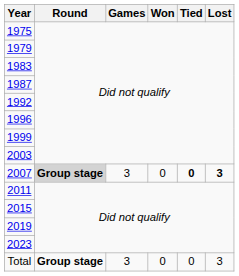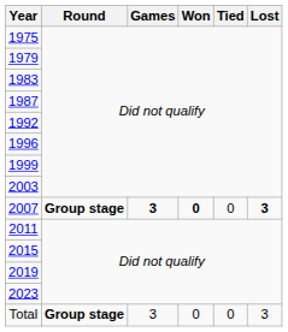 <table class="wikitable" style="text-align: center;">
 <tr>
 <th>Year</th>
 <th>Round</th>
 <th>Games</th>
 <th>Won</th>
 <th>Tied</th>
 <th>Lost</th>
 </tr>
 <tr>
 <td> <a href='#'>1975</a></td>
 <td colspan="5" rowspan="8"><em>Did not qualify</em></td>
 </tr>
 <tr>
 <td> <a href='#'>1979</a></td>
 </tr>
 <tr>
 <td> <a href='#'>1983</a></td>
 </tr>
 <tr>
 <td> <a href='#'>1987</a></td>
 </tr>
 <tr>
 <td> <a href='#'>1992</a></td>
 </tr>
 <tr>
 <td> <a href='#'>1996</a></td>
 </tr>
 <tr>
 <td> <a href='#'>1999</a></td>
 </tr>
 <tr>
 <td> <a href='#'>2003</a></td>
 </tr>
 <tr>
 <td> <a href='#'>2007</a></td>
-<td style="background: lightgrey;"><strong>Group stage</strong></td>
-<td>3</td>
+<td><strong>Group stage</strong></td>
+<td><strong>3</strong></td>
+<td><strong>0</strong></td>
 <td>0</td>
-<td><strong>0</strong></td>
 <td><strong>3</strong></td>
 </tr>
 <tr>
 <td> <a href='#'>2011</a></td>
 <td colspan="5" rowspan="4"><em>Did not qualify</em></td>
 </tr>
 <tr>
 <td> <a href='#'>2015</a></td>
 </tr>
 <tr>
 <td> <a href='#'>2019</a></td>
 </tr>
 <tr>
 <td> <a href='#'>2023</a></td>
 </tr>
 <tr>
 <td>Total</td>
 <td><strong>Group stage</strong></td>
 <td>3</td>
 <td>0</td>
 <td>0</td>
 <td>3</td>
 </tr>
 </table>
